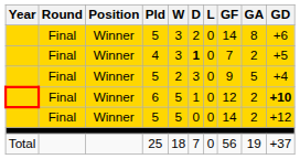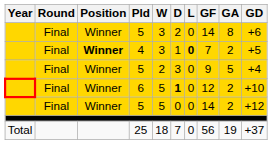 <table class="wikitable" style="text-align: center">
 <tr>
 <th>Year</th>
 <th>Round</th>
 <th>Position</th>
 <th>Pld</th>
 <th>W</th>
 <th>D</th>
 <th>L</th>
 <th>GF</th>
 <th>GA</th>
 <th>GD</th>
 </tr>
 <tr bgcolor=gold>
 <td> </td>
 <td>Final</td>
 <td>Winner</td>
 <td>5</td>
 <td>3</td>
 <td>2</td>
 <td>0</td>
 <td>14</td>
 <td>8</td>
 <td>+6</td>
 </tr>
 <tr bgcolor=gold>
 <td> </td>
 <td>Final</td>
-<td>Winner</td>
+<td><strong>Winner</strong></td>
 <td>4</td>
 <td>3</td>
-<td><strong>1</strong></td>
-<td>0</td>
+<td>1</td>
+<td><strong>0</strong></td>
 <td>7</td>
 <td>2</td>
 <td>+5</td>
 </tr>
 <tr bgcolor=gold>
 <td> </td>
 <td>Final</td>
 <td>Winner</td>
 <td>5</td>
 <td>2</td>
 <td>3</td>
 <td>0</td>
 <td>9</td>
 <td>5</td>
 <td>+4</td>
 </tr>
 <tr bgcolor=gold>
 <td style="border: 3px solid red"> </td>
 <td>Final</td>
 <td>Winner</td>
 <td>6</td>
 <td>5</td>
-<td>1</td>
+<td><strong>1</strong></td>
 <td>0</td>
 <td>12</td>
 <td>2</td>
-<td><strong>+10</strong></td>
+<td>+10</td>
 </tr>
 <tr bgcolor=gold>
 <td> </td>
 <td>Final</td>
 <td>Winner</td>
 <td>5</td>
 <td>5</td>
 <td>0</td>
 <td>0</td>
 <td>14</td>
 <td>2</td>
 <td>+12</td>
 </tr>
 <tr>
 <td style="background:black" colspan=11></td>
 </tr>
 <tr>
 <td>Total</td>
 <td></td>
 <td></td>
 <td>25</td>
 <td>18</td>
 <td>7</td>
 <td>0</td>
 <td>56</td>
 <td>19</td>
 <td>+37</td>
 </tr>
 </table>
